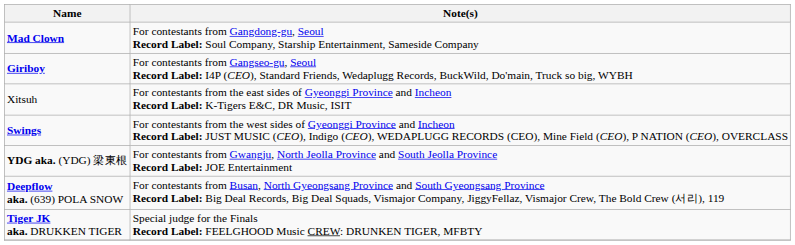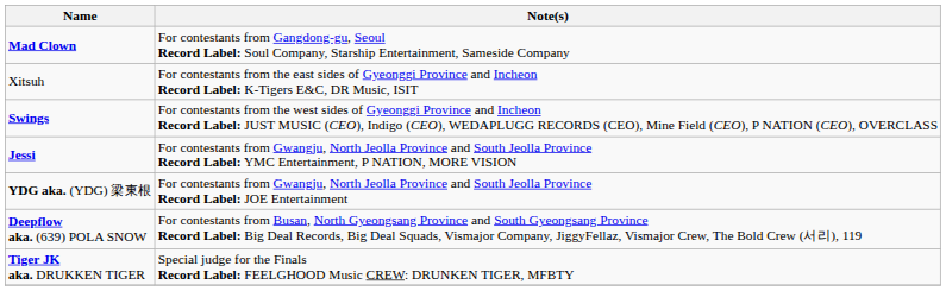 <table class="wikitable">
 <tr>
 <th>Name</th>
 <th>Note(s)</th>
 </tr>
 <tr>
 <td><strong><a href='#'>Mad Clown</a></strong><br></td>
 <td>For contestants from <a href='#'>Gangdong-gu</a>, <a href='#'>Seoul</a><br><strong>Record Label:</strong> Soul Company, Starship Entertainment, Sameside Company</td>
 </tr>
 <tr>
-<td><strong><a href='#'>Giriboy</a></strong><br></td>
-<td>For contestants from <a href='#'>Gangseo-gu</a>, <a href='#'>Seoul</a><br><strong>Record Label:</strong> I4P (<em>CEO</em>), Standard Friends, Wedaplugg Records, BuckWild, Do'main, Truck so big, WYBH</td>
-</tr>
-<tr>
 <td>Xitsuh</td>
 <td>For contestants from the east sides of <a href='#'>Gyeonggi Province</a> and <a href='#'>Incheon</a><br><strong>Record Label:</strong> K-Tigers E&C, DR Music, ISIT</td>
 </tr>
 <tr>
 <td><a href='#'><strong>Swings</strong></a><br></td>
 <td>For contestants from the west sides of <a href='#'>Gyeonggi Province</a> and <a href='#'>Incheon</a><br><strong>Record Label:</strong> JUST MUSIC (<em>CEO</em>), Indigo (<em>CEO</em>), WEDAPLUGG RECORDS (CEO), Mine Field (<em>CEO</em>), P NATION (<em>CEO</em>), OVERCLASS</td>
+</tr>
+<tr>
+<td><a href='#'><strong>Jessi</strong></a><br></td>
+<td>For contestants from <a href='#'>Gwangju</a>, <a href='#'>North Jeolla Province</a> and <a href='#'>South Jeolla Province</a><br><strong>Record Label:</strong> YMC Entertainment, P NATION, MORE VISION</td>
 </tr>
 <tr>
 <td><strong>YDG</strong> <strong>aka.</strong> (YDG) 梁東根<br></td>
 <td>For contestants from <a href='#'>Gwangju</a>, <a href='#'>North Jeolla Province</a> and <a href='#'>South Jeolla Province</a><br><strong>Record Label:</strong> JOE Entertainment</td>
 </tr>
 <tr>
 <td><strong><a href='#'>Deepflow</a></strong><br><strong>aka.</strong> (639) POLA SNOW<br></td>
 <td>For contestants from <a href='#'>Busan</a>, <a href='#'>North Gyeongsang Province</a> and <a href='#'>South Gyeongsang Province</a><br><strong>Record Label:</strong> Big Deal Records, Big Deal Squads, Vismajor Company, JiggyFellaz, Vismajor Crew, The Bold Crew (서리), 119</td>
 </tr>
 <tr>
 <td><strong><a href='#'>Tiger JK</a></strong><br><strong>aka.</strong> DRUKKEN TIGER </td>
 <td>Special judge for the Finals<br><strong>Record Label:</strong> FEELGHOOD Music <u>CREW</u>: DRUNKEN TIGER, MFBTY</td>
 </tr>
 <tr>
 </tr>
 </table>
